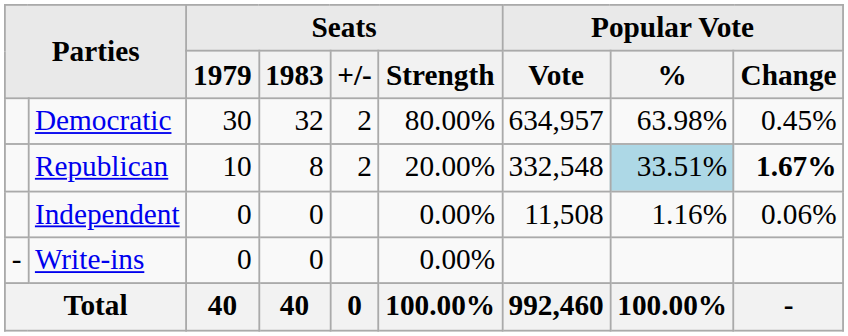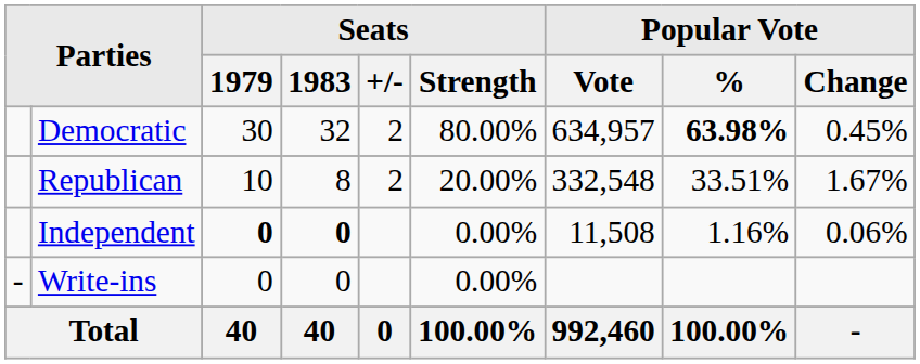 <table class=wikitable>
 <tr>
 <th style="background-color:#E9E9E9" align=center rowspan= 2 colspan=2>Parties</th>
 <th style="background-color:#E9E9E9" align=center colspan=4>Seats</th>
 <th style="background-color:#E9E9E9" align=center colspan=3>Popular Vote</th>
 </tr>
 <tr>
 <th align=center>1979</th>
 <th align=center>1983</th>
 <th align=center>+/-</th>
 <th align=center>Strength</th>
 <th align=center>Vote</th>
 <th align=center>%</th>
 <th align=center>Change</th>
 </tr>
 <tr>
 <td></td>
 <td align=left><a href='#'>Democratic</a></td>
 <td align=right >30</td>
 <td align=right >32</td>
 <td align=right> 2</td>
 <td align=right >80.00%</td>
 <td align=right >634,957</td>
-<td align=right >63.98%</td>
+<td align=right ><strong>63.98%</strong></td>
 <td align=right> 0.45%</td>
 </tr>
 <tr>
 <td></td>
 <td align=left><a href='#'>Republican</a></td>
 <td align=right>10</td>
 <td align=right>8</td>
 <td align=right> 2</td>
 <td align=right>20.00%</td>
 <td align=right>332,548</td>
-<td align=right style="background: lightblue;">33.51%</td>
-<td align=right><strong> 1.67%</strong></td>
+<td align=right>33.51%</td>
+<td align=right> 1.67%</td>
 </tr>
 <tr>
 <td></td>
 <td><a href='#'>Independent</a></td>
-<td align=right>0</td>
-<td align=right>0</td>
+<td align=right><strong>0</strong></td>
+<td align=right><strong>0</strong></td>
 <td align=right></td>
 <td align=right>0.00%</td>
 <td align=right>11,508</td>
 <td align=right>1.16%</td>
 <td align=right> 0.06%</td>
 </tr>
 <tr>
 <td>-</td>
 <td><a href='#'>Write-ins</a></td>
 <td align=right>0</td>
 <td align=right>0</td>
 <td align=right></td>
 <td align=right>0.00%</td>
 <td align=right></td>
 <td align=right></td>
 <td align=right></td>
 </tr>
 <tr>
 <th align=center colspan="2">Total</th>
 <th align=center>40</th>
 <th align=center>40</th>
 <th align=center>0</th>
 <th align=center>100.00%</th>
 <th align=center>992,460</th>
 <th align=center>100.00%</th>
 <th align=center>-</th>
 </tr>
 </table>
